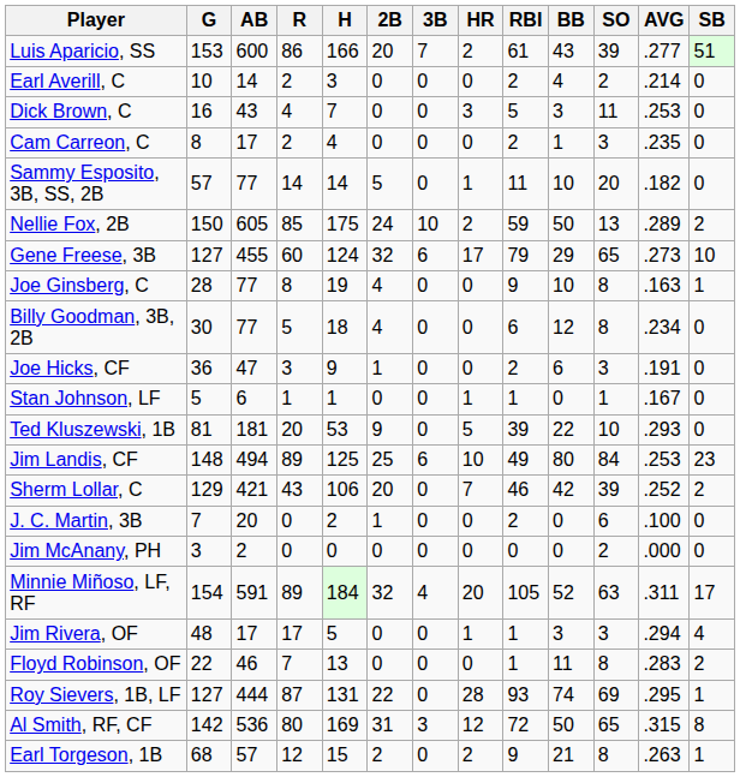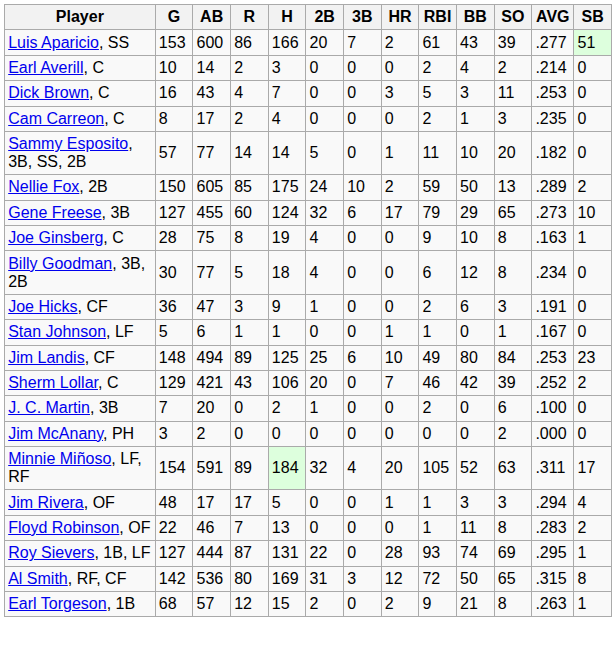 <table class="wikitable sortable">
 <tr>
 <th width="24%">Player</th>
 <th width="6%">G</th>
 <th width="6%">AB</th>
 <th width="6%">R</th>
 <th width="6%">H</th>
 <th width="6%">2B</th>
 <th width="6%">3B</th>
 <th width="6%">HR</th>
 <th width="6%">RBI</th>
 <th width="6%">BB</th>
 <th width="6%">SO</th>
 <th width="6%">AVG</th>
 <th width="6%">SB</th>
 </tr>
 <tr>
 <td><a href='#'>Luis Aparicio</a>, SS</td>
 <td>153</td>
 <td>600</td>
 <td>86</td>
 <td>166</td>
 <td>20</td>
 <td>7</td>
 <td>2</td>
 <td>61</td>
 <td>43</td>
 <td>39</td>
 <td>.277</td>
 <td style="background:#DDFFDD;">51</td>
 </tr>
 <tr>
 <td><a href='#'>Earl Averill</a>, C</td>
 <td>10</td>
 <td>14</td>
 <td>2</td>
 <td>3</td>
 <td>0</td>
 <td>0</td>
 <td>0</td>
 <td>2</td>
 <td>4</td>
 <td>2</td>
 <td>.214</td>
 <td>0</td>
 </tr>
 <tr>
 <td><a href='#'>Dick Brown</a>, C</td>
 <td>16</td>
 <td>43</td>
 <td>4</td>
 <td>7</td>
 <td>0</td>
 <td>0</td>
 <td>3</td>
 <td>5</td>
 <td>3</td>
 <td>11</td>
 <td>.253</td>
 <td>0</td>
 </tr>
 <tr>
 <td><a href='#'>Cam Carreon</a>, C</td>
 <td>8</td>
 <td>17</td>
 <td>2</td>
 <td>4</td>
 <td>0</td>
 <td>0</td>
 <td>0</td>
 <td>2</td>
 <td>1</td>
 <td>3</td>
 <td>.235</td>
 <td>0</td>
 </tr>
 <tr>
 <td><a href='#'>Sammy Esposito</a>, 3B, SS, 2B</td>
 <td>57</td>
 <td>77</td>
 <td>14</td>
 <td>14</td>
 <td>5</td>
 <td>0</td>
 <td>1</td>
 <td>11</td>
 <td>10</td>
 <td>20</td>
 <td>.182</td>
 <td>0</td>
 </tr>
 <tr>
 <td><a href='#'>Nellie Fox</a>, 2B</td>
 <td>150</td>
 <td>605</td>
 <td>85</td>
 <td>175</td>
 <td>24</td>
 <td>10</td>
 <td>2</td>
 <td>59</td>
 <td>50</td>
 <td>13</td>
 <td>.289</td>
 <td>2</td>
 </tr>
 <tr>
 <td><a href='#'>Gene Freese</a>, 3B</td>
 <td>127</td>
 <td>455</td>
 <td>60</td>
 <td>124</td>
 <td>32</td>
 <td>6</td>
 <td>17</td>
 <td>79</td>
 <td>29</td>
 <td>65</td>
 <td>.273</td>
 <td>10</td>
 </tr>
 <tr>
 <td><a href='#'>Joe Ginsberg</a>, C</td>
 <td>28</td>
-<td>77</td>
+<td>75</td>
 <td>8</td>
 <td>19</td>
 <td>4</td>
 <td>0</td>
 <td>0</td>
 <td>9</td>
 <td>10</td>
 <td>8</td>
 <td>.163</td>
 <td>1</td>
 </tr>
 <tr>
 <td><a href='#'>Billy Goodman</a>, 3B, 2B</td>
 <td>30</td>
 <td>77</td>
 <td>5</td>
 <td>18</td>
 <td>4</td>
 <td>0</td>
 <td>0</td>
 <td>6</td>
 <td>12</td>
 <td>8</td>
 <td>.234</td>
 <td>0</td>
 </tr>
 <tr>
 <td><a href='#'>Joe Hicks</a>, CF</td>
 <td>36</td>
 <td>47</td>
 <td>3</td>
 <td>9</td>
 <td>1</td>
 <td>0</td>
 <td>0</td>
 <td>2</td>
 <td>6</td>
 <td>3</td>
 <td>.191</td>
 <td>0</td>
 </tr>
 <tr>
 <td><a href='#'>Stan Johnson</a>, LF</td>
 <td>5</td>
 <td>6</td>
 <td>1</td>
 <td>1</td>
 <td>0</td>
 <td>0</td>
 <td>1</td>
 <td>1</td>
 <td>0</td>
 <td>1</td>
 <td>.167</td>
-<td>0</td>
-</tr>
-<tr>
-<td><a href='#'>Ted Kluszewski</a>, 1B</td>
-<td>81</td>
-<td>181</td>
-<td>20</td>
-<td>53</td>
-<td>9</td>
-<td>0</td>
-<td>5</td>
-<td>39</td>
-<td>22</td>
-<td>10</td>
-<td>.293</td>
 <td>0</td>
 </tr>
 <tr>
 <td><a href='#'>Jim Landis</a>, CF</td>
 <td>148</td>
 <td>494</td>
 <td>89</td>
 <td>125</td>
 <td>25</td>
 <td>6</td>
 <td>10</td>
 <td>49</td>
 <td>80</td>
 <td>84</td>
 <td>.253</td>
 <td>23</td>
 </tr>
 <tr>
 <td><a href='#'>Sherm Lollar</a>, C</td>
 <td>129</td>
 <td>421</td>
 <td>43</td>
 <td>106</td>
 <td>20</td>
 <td>0</td>
 <td>7</td>
 <td>46</td>
 <td>42</td>
 <td>39</td>
 <td>.252</td>
 <td>2</td>
 </tr>
 <tr>
 <td><a href='#'>J. C. Martin</a>, 3B</td>
 <td>7</td>
 <td>20</td>
 <td>0</td>
 <td>2</td>
 <td>1</td>
 <td>0</td>
 <td>0</td>
 <td>2</td>
 <td>0</td>
 <td>6</td>
 <td>.100</td>
 <td>0</td>
 </tr>
 <tr>
 <td><a href='#'>Jim McAnany</a>, PH</td>
 <td>3</td>
 <td>2</td>
 <td>0</td>
 <td>0</td>
 <td>0</td>
 <td>0</td>
 <td>0</td>
 <td>0</td>
 <td>0</td>
 <td>2</td>
 <td>.000</td>
 <td>0</td>
 </tr>
 <tr>
 <td><a href='#'>Minnie Miñoso</a>, LF, RF</td>
 <td>154</td>
 <td>591</td>
 <td>89</td>
 <td style="background:#DDFFDD;">184</td>
 <td>32</td>
 <td>4</td>
 <td>20</td>
 <td>105</td>
 <td>52</td>
 <td>63</td>
 <td>.311</td>
 <td>17</td>
 </tr>
 <tr>
 <td><a href='#'>Jim Rivera</a>, OF</td>
 <td>48</td>
 <td>17</td>
 <td>17</td>
 <td>5</td>
 <td>0</td>
 <td>0</td>
 <td>1</td>
 <td>1</td>
 <td>3</td>
 <td>3</td>
 <td>.294</td>
 <td>4</td>
 </tr>
 <tr>
 <td><a href='#'>Floyd Robinson</a>, OF</td>
 <td>22</td>
 <td>46</td>
 <td>7</td>
 <td>13</td>
 <td>0</td>
 <td>0</td>
 <td>0</td>
 <td>1</td>
 <td>11</td>
 <td>8</td>
 <td>.283</td>
 <td>2</td>
 </tr>
 <tr>
 <td><a href='#'>Roy Sievers</a>, 1B, LF</td>
 <td>127</td>
 <td>444</td>
 <td>87</td>
 <td>131</td>
 <td>22</td>
 <td>0</td>
 <td>28</td>
 <td>93</td>
 <td>74</td>
 <td>69</td>
 <td>.295</td>
 <td>1</td>
 </tr>
 <tr>
 <td><a href='#'>Al Smith</a>, RF, CF</td>
 <td>142</td>
 <td>536</td>
 <td>80</td>
 <td>169</td>
 <td>31</td>
 <td>3</td>
 <td>12</td>
 <td>72</td>
 <td>50</td>
 <td>65</td>
 <td>.315</td>
 <td>8</td>
 </tr>
 <tr>
 <td><a href='#'>Earl Torgeson</a>, 1B</td>
 <td>68</td>
 <td>57</td>
 <td>12</td>
 <td>15</td>
 <td>2</td>
 <td>0</td>
 <td>2</td>
 <td>9</td>
 <td>21</td>
 <td>8</td>
 <td>.263</td>
 <td>1</td>
 </tr>
 <tr>
 </tr>
 </table>
